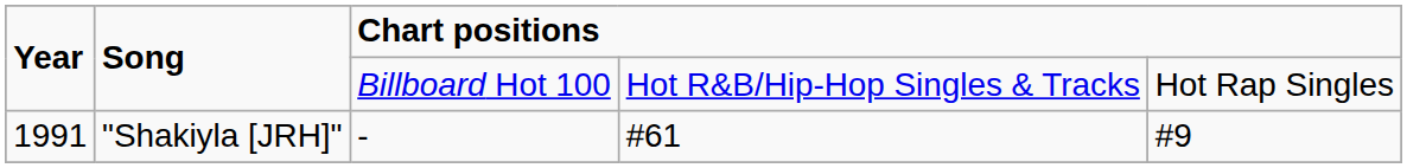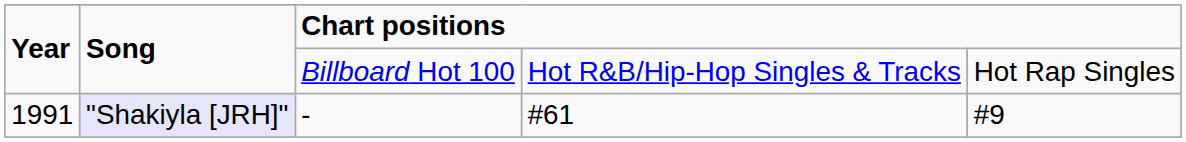 <table class="wikitable">
 <tr>
 <td rowspan="2"><strong>Year</strong></td>
 <td rowspan="2"><strong>Song</strong></td>
 <td colspan="3"><strong>Chart positions</strong></td>
 </tr>
 <tr>
 <td><a href='#'><em>Billboard</em> Hot 100</a></td>
 <td><a href='#'>Hot R&B/Hip-Hop Singles & Tracks</a></td>
 <td>Hot Rap Singles</td>
 </tr>
 <tr>
 <td>1991</td>
-<td>"Shakiyla [JRH]"</td>
+<td style="background: lavender;">"Shakiyla [JRH]"</td>
 <td>-</td>
 <td>#61</td>
 <td>#9</td>
 </tr>
 </table>
